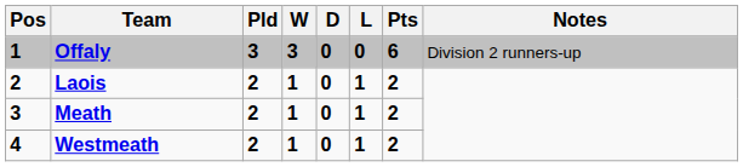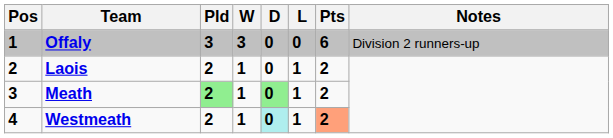 <table class="wikitable" style="text-align: centre;">
 <tr>
 <th width=20>Pos</th>
 <th width=150>Team</th>
 <th width=20>Pld</th>
 <th width=20>W</th>
 <th width=20>D</th>
 <th width=20>L</th>
 <th width=20>Pts</th>
 <th width=250>Notes</th>
 </tr>
 <tr style="background:silver;">
 <td><strong>1</strong></td>
 <td align=left><strong> <a href='#'>Offaly</a> </strong></td>
 <td><strong>3</strong></td>
 <td><strong>3</strong></td>
 <td><strong>0</strong></td>
 <td><strong>0</strong></td>
 <td><strong>6</strong></td>
 <td><small> Division 2 runners-up</small></td>
 </tr>
 <tr style>
 <td><strong>2</strong></td>
 <td align=left><strong> <a href='#'>Laois</a> </strong></td>
 <td><strong>2</strong></td>
 <td><strong>1</strong></td>
 <td><strong>0</strong></td>
 <td><strong>1</strong></td>
 <td><strong>2</strong></td>
 </tr>
 <tr>
 <td><strong>3</strong></td>
 <td align=left><strong> <a href='#'>Meath</a> </strong></td>
-<td><strong>2</strong></td>
+<td style="background: lightgreen;"><strong>2</strong></td>
 <td><strong>1</strong></td>
-<td><strong>0</strong></td>
+<td style="background: lightgreen;"><strong>0</strong></td>
 <td><strong>1</strong></td>
 <td><strong>2</strong></td>
 </tr>
 <tr style>
 <td><strong>4</strong></td>
 <td align=left><strong> <a href='#'>Westmeath</a> </strong></td>
 <td><strong>2</strong></td>
 <td><strong>1</strong></td>
-<td><strong>0</strong></td>
+<td style="background: paleturquoise;"><strong>0</strong></td>
 <td><strong>1</strong></td>
-<td><strong>2</strong></td>
+<td style="background: lightsalmon;"><strong>2</strong></td>
 </tr>
 </table>
